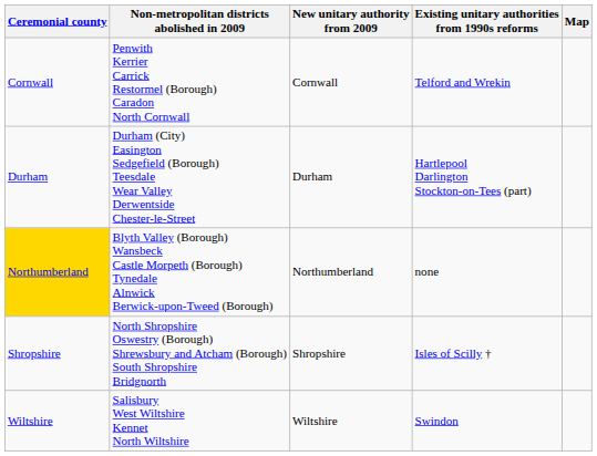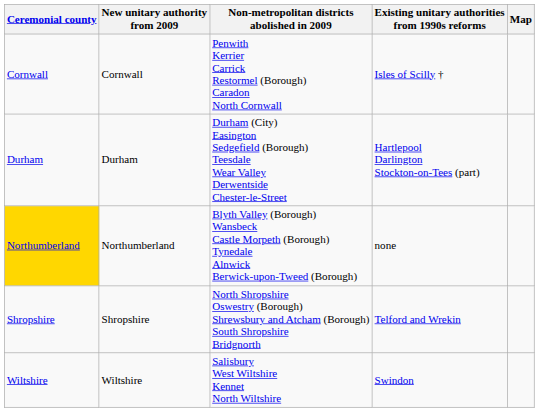 <table class="wikitable">
 <tr>
 <th><a href='#'>Ceremonial county</a></th>
+<th>New unitary authority<br>from 2009</th>
 <th>Non-metropolitan districts<br>abolished in 2009</th>
-<th>New unitary authority<br>from 2009</th>
 <th>Existing unitary authorities<br>from 1990s reforms</th>
 <th>Map</th>
 </tr>
 <tr>
 <td><a href='#'>Cornwall</a></td>
+<td>Cornwall</td>
 <td><a href='#'>Penwith</a><br><a href='#'>Kerrier</a><br><a href='#'>Carrick</a><br><a href='#'>Restormel</a> (Borough)<br><a href='#'>Caradon</a><br><a href='#'>North Cornwall</a></td>
-<td>Cornwall</td>
-<td><a href='#'>Telford and Wrekin</a></td>
+<td><a href='#'>Isles of Scilly</a> †</td>
 <td></td>
 </tr>
 <tr>
 <td><a href='#'>Durham</a></td>
+<td>Durham</td>
 <td><a href='#'>Durham</a> (City)<br><a href='#'>Easington</a><br><a href='#'>Sedgefield</a> (Borough)<br><a href='#'>Teesdale</a><br><a href='#'>Wear Valley</a><br><a href='#'>Derwentside</a><br><a href='#'>Chester-le-Street</a></td>
-<td>Durham</td>
 <td><a href='#'>Hartlepool</a><br><a href='#'>Darlington</a><br><a href='#'>Stockton-on-Tees</a> (part)</td>
 <td></td>
 </tr>
 <tr>
 <td style="background: gold;"><a href='#'>Northumberland</a></td>
+<td>Northumberland</td>
 <td><a href='#'>Blyth Valley</a> (Borough)<br><a href='#'>Wansbeck</a><br><a href='#'>Castle Morpeth</a> (Borough)<br><a href='#'>Tynedale</a><br><a href='#'>Alnwick</a><br><a href='#'>Berwick-upon-Tweed</a> (Borough)</td>
-<td>Northumberland</td>
 <td>none</td>
 <td></td>
 </tr>
 <tr>
 <td><a href='#'>Shropshire</a></td>
+<td>Shropshire</td>
 <td><a href='#'>North Shropshire</a><br><a href='#'>Oswestry</a> (Borough)<br><a href='#'>Shrewsbury and Atcham</a> (Borough)<br><a href='#'>South Shropshire</a><br><a href='#'>Bridgnorth</a></td>
-<td>Shropshire</td>
-<td><a href='#'>Isles of Scilly</a> †</td>
+<td><a href='#'>Telford and Wrekin</a></td>
 <td></td>
 </tr>
 <tr>
 <td><a href='#'>Wiltshire</a></td>
+<td>Wiltshire</td>
 <td><a href='#'>Salisbury</a><br><a href='#'>West Wiltshire</a><br><a href='#'>Kennet</a><br><a href='#'>North Wiltshire</a></td>
-<td>Wiltshire</td>
 <td><a href='#'>Swindon</a></td>
 <td></td>
 </tr>
 </table>
